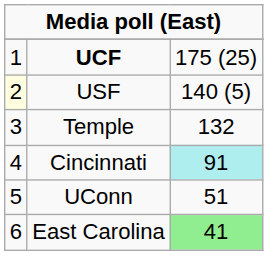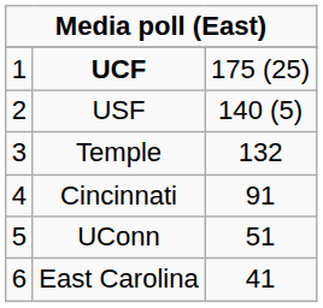 <table class="wikitable">
 <tr align="center">
 <td align="center" Colspan="3"><strong>Media poll (East)</strong></td>
 </tr>
 <tr align="center">
 </tr>
 <tr align="center">
 <td>1</td>
 <td><strong>UCF</strong></td>
 <td>175 (25)</td>
 </tr>
 <tr align="center">
-<td style="background: lightyellow;">2</td>
+<td>2</td>
 <td>USF</td>
 <td>140 (5)</td>
 </tr>
 <tr align="center">
 <td>3</td>
 <td>Temple</td>
 <td>132</td>
 </tr>
 <tr align="center">
 <td>4</td>
 <td>Cincinnati</td>
-<td style="background: paleturquoise;">91</td>
+<td>91</td>
 </tr>
 <tr align="center">
 <td>5</td>
 <td>UConn</td>
 <td>51</td>
 </tr>
 <tr align="center">
 <td>6</td>
 <td>East Carolina</td>
-<td style="background: lightgreen;">41</td>
+<td>41</td>
 </tr>
 </table>
